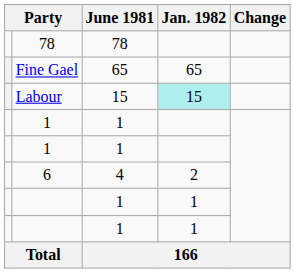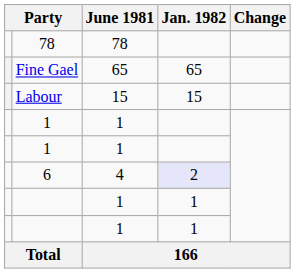 <table class="wikitable sortable" style="font-size: 95%;">
 <tr>
 <th colspan=2>Party</th>
 <th>June 1981</th>
 <th>Jan. 1982</th>
 <th class="unsortable">Change</th>
 </tr>
 <tr>
 <td></td>
 <td align="center">78</td>
 <td align="center">78</td>
 <td align="center"></td>
 </tr>
 <tr>
 <th style="background-color: "></th>
 <td><a href='#'>Fine Gael</a></td>
 <td align="center">65</td>
 <td align="center">65</td>
 <td align="center"></td>
 </tr>
 <tr>
 <th style="background-color: "></th>
 <td><a href='#'>Labour</a></td>
 <td align="center">15</td>
-<td align="center" style="background: paleturquoise;">15</td>
+<td align="center">15</td>
 <td align="center"></td>
 </tr>
 <tr>
 <td></td>
 <td align="center">1</td>
 <td align="center">1</td>
 <td align="center"></td>
 </tr>
 <tr>
 <td></td>
 <td align="center">1</td>
 <td align="center">1</td>
 <td align="center"></td>
 </tr>
 <tr>
 <td></td>
 <td align="center">6</td>
 <td align="center">4</td>
-<td align="center"> 2</td>
+<td align="center" style="background: lavender;"> 2</td>
 </tr>
 <tr>
 <td></td>
 <td></td>
 <td align="center">1</td>
 <td align="center"> 1</td>
 </tr>
 <tr>
 <td></td>
 <td></td>
 <td align="center">1</td>
 <td align="center"> 1</td>
 </tr>
 <tr>
 <th colspan="2">Total</th>
 <th colspan="3" align="center">166</th>
 </tr>
 </table>
